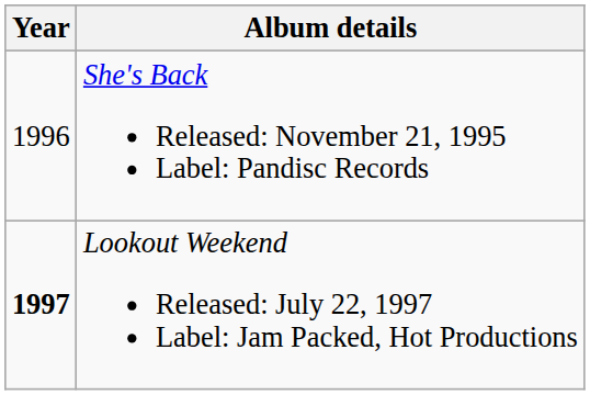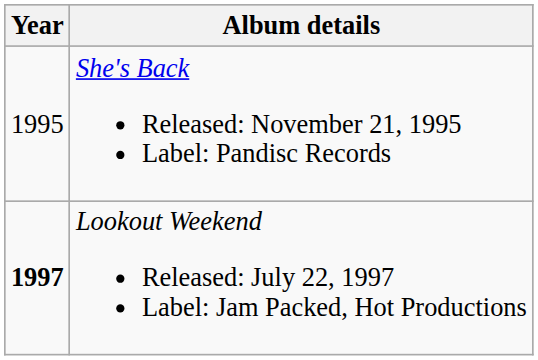 <table class="wikitable">
 <tr>
 <th>Year</th>
 <th>Album details</th>
 </tr>
 <tr>
-<td style="text-align:center;">1996</td>
+<td style="text-align:center;">1995</td>
 <td><em><a href='#'>She's Back</a></em><br><ul><li>Released: November 21, 1995</li><li>Label: Pandisc Records</li></ul></td>
 </tr>
 <tr>
 <td style="text-align:center;"><strong>1997</strong></td>
 <td><em>Lookout Weekend</em><br><ul><li>Released: July 22, 1997</li><li>Label: Jam Packed, Hot Productions</li></ul></td>
 </tr>
 </table>
